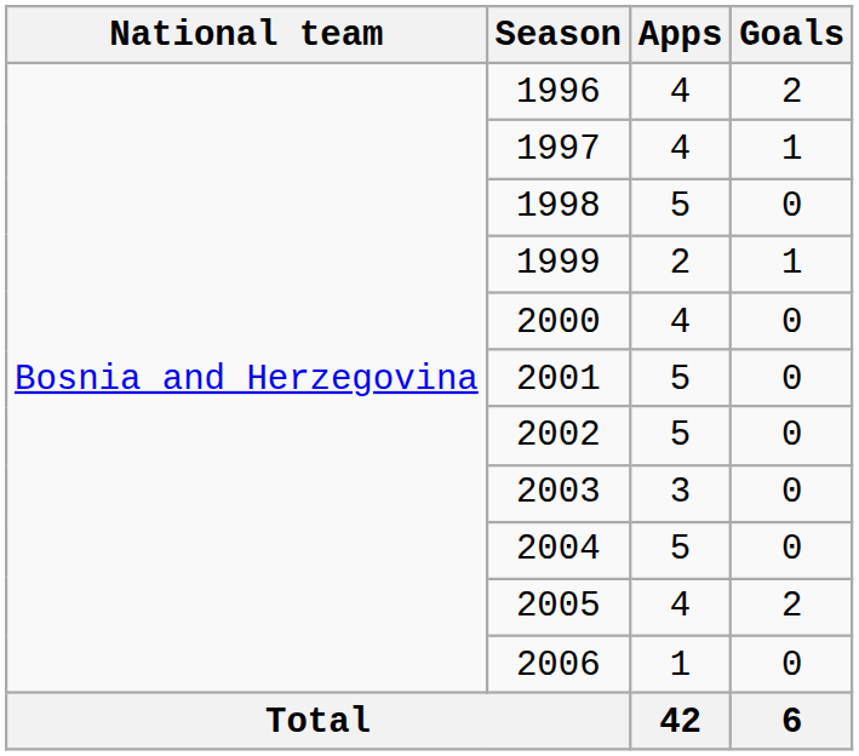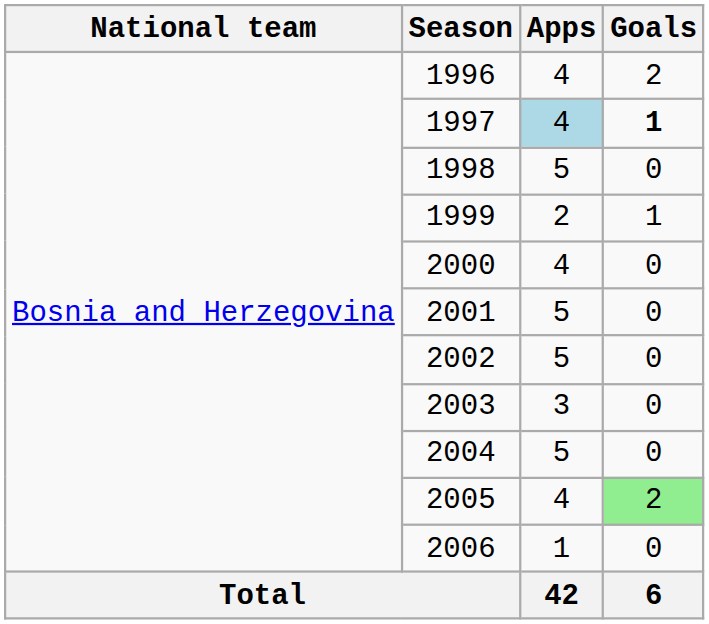 <table class="wikitable" style="text-align:center">
 <tr>
 <th>National team</th>
 <th>Season</th>
 <th>Apps</th>
 <th>Goals</th>
 </tr>
 <tr>
 <td rowspan="11"><a href='#'>Bosnia and Herzegovina</a></td>
 <td>1996</td>
 <td>4</td>
 <td>2</td>
 </tr>
 <tr>
 <td>1997</td>
-<td>4</td>
-<td>1</td>
+<td style="background: lightblue;">4</td>
+<td><strong>1</strong></td>
 </tr>
 <tr>
 <td>1998</td>
 <td>5</td>
 <td>0</td>
 </tr>
 <tr>
 <td>1999</td>
 <td>2</td>
 <td>1</td>
 </tr>
 <tr>
 <td>2000</td>
 <td>4</td>
 <td>0</td>
 </tr>
 <tr>
 <td>2001</td>
 <td>5</td>
 <td>0</td>
 </tr>
 <tr>
 <td>2002</td>
 <td>5</td>
 <td>0</td>
 </tr>
 <tr>
 <td>2003</td>
 <td>3</td>
 <td>0</td>
 </tr>
 <tr>
 <td>2004</td>
 <td>5</td>
 <td>0</td>
 </tr>
 <tr>
 <td>2005</td>
 <td>4</td>
-<td>2</td>
+<td style="background: lightgreen;">2</td>
 </tr>
 <tr>
 <td>2006</td>
 <td>1</td>
 <td>0</td>
 </tr>
 <tr>
 <th colspan="2">Total</th>
 <th>42</th>
 <th>6</th>
 </tr>
 </table>
